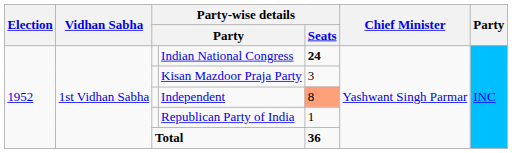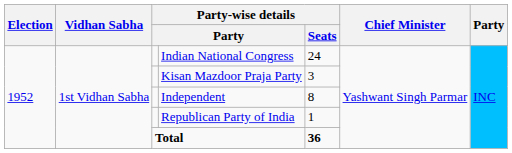 <table class="wikitable sortable">
 <tr>
 <th rowspan="2"><a href='#'>Election</a></th>
 <th rowspan="2"><a href='#'>Vidhan Sabha</a></th>
 <th colspan="3">Party-wise details</th>
 <th rowspan="2"><a href='#'>Chief Minister</a></th>
 <th rowspan="2">Party</th>
 </tr>
 <tr>
 <th colspan="2">Party</th>
 <th><a href='#'>Seats</a></th>
 </tr>
 <tr>
 <td rowspan="5"><a href='#'>1952</a></td>
 <td rowspan="5"><a href='#'>1st Vidhan Sabha</a></td>
 <td style="background-color: "></td>
 <td><a href='#'>Indian National Congress</a></td>
-<td><strong>24</strong></td>
+<td>24</td>
 <td rowspan="5"><a href='#'>Yashwant Singh Parmar</a></td>
 <td rowspan="5" bgcolor=#00BFFF><a href='#'>INC</a></td>
 </tr>
 <tr>
 <td style="background-color: "></td>
 <td><a href='#'>Kisan Mazdoor Praja Party</a></td>
 <td>3</td>
 </tr>
 <tr>
 <td style="background-color: "></td>
 <td><a href='#'>Independent</a></td>
-<td style="background: lightsalmon;">8</td>
+<td>8</td>
 </tr>
 <tr>
 <td style="background-color: "></td>
 <td><a href='#'>Republican Party of India</a></td>
 <td>1</td>
 </tr>
 <tr>
 <td colspan="2"><strong>Total</strong></td>
 <td><strong>36</strong></td>
 </tr>
 </table>
